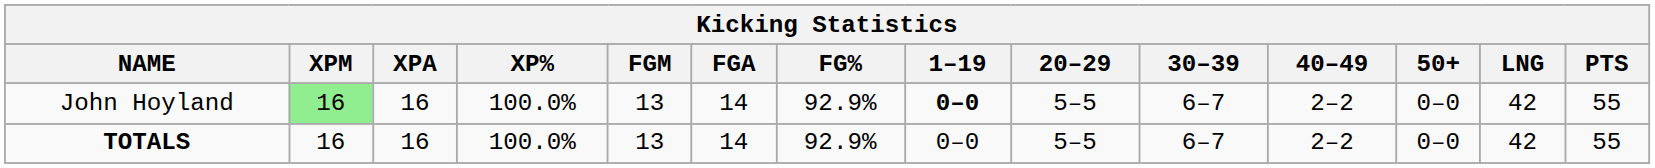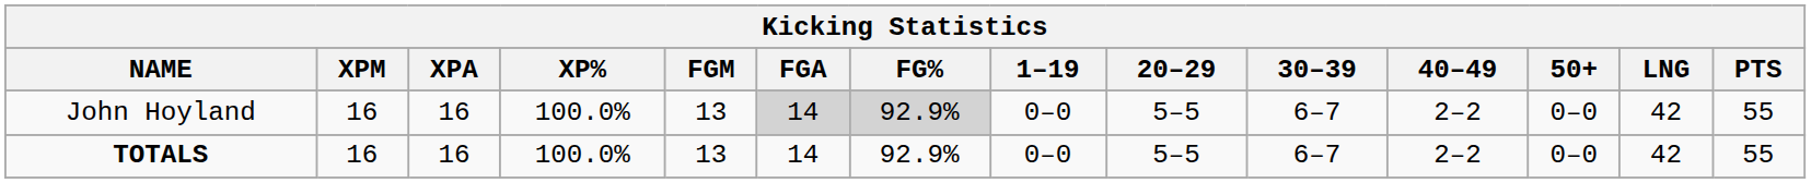 <table style="width:70%; text-align:center;" class="wikitable collapsible collapsed">
 <tr>
 <th colspan="16">Kicking Statistics</th>
 </tr>
 <tr>
 <th>NAME</th>
 <th>XPM</th>
 <th>XPA</th>
 <th>XP%</th>
 <th>FGM</th>
 <th>FGA</th>
 <th>FG%</th>
 <th>1–19</th>
 <th>20–29</th>
 <th>30–39</th>
 <th>40–49</th>
 <th>50+</th>
 <th>LNG</th>
 <th>PTS</th>
 </tr>
 <tr>
 <td>John Hoyland</td>
-<td style="background: lightgreen;">16</td>
+<td>16</td>
 <td>16</td>
 <td>100.0%</td>
 <td>13</td>
-<td>14</td>
-<td>92.9%</td>
-<td><strong>0–0</strong></td>
+<td style="background: lightgrey;">14</td>
+<td style="background: lightgrey;">92.9%</td>
+<td>0–0</td>
 <td>5–5</td>
 <td>6–7</td>
 <td>2–2</td>
 <td>0–0</td>
 <td>42</td>
 <td>55</td>
 </tr>
 <tr>
 <td><strong>TOTALS</strong></td>
 <td>16</td>
 <td>16</td>
 <td>100.0%</td>
 <td>13</td>
 <td>14</td>
 <td>92.9%</td>
 <td>0–0</td>
 <td>5–5</td>
 <td>6–7</td>
 <td>2–2</td>
 <td>0–0</td>
 <td>42</td>
 <td>55</td>
 </tr>
 </table>
